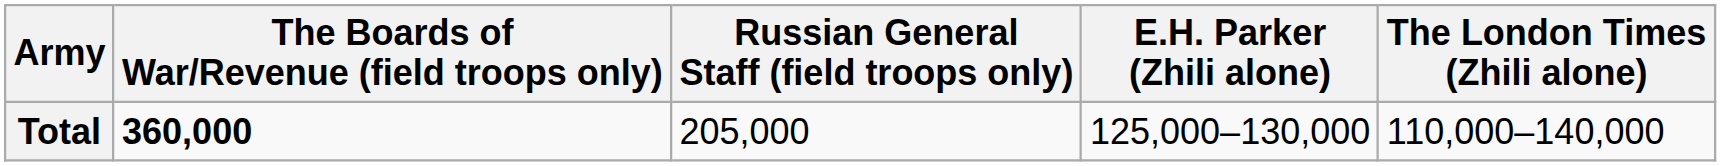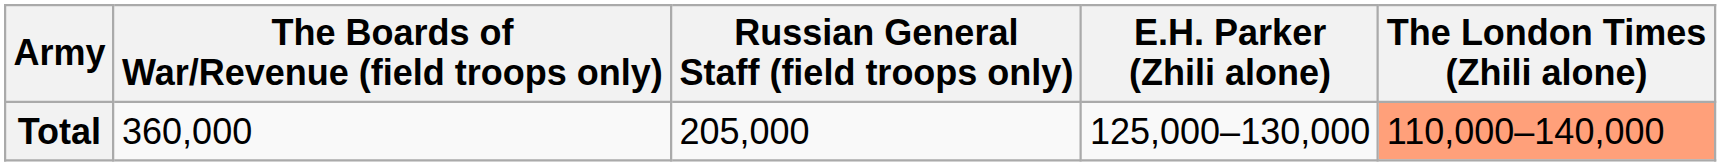 <table class="wikitable">
 <tr>
 <th>Army</th>
 <th>The Boards of<br>War/Revenue (field troops only)</th>
 <th>Russian General<br>Staff (field troops only)</th>
 <th>E.H. Parker<br>(Zhili alone)</th>
 <th>The London Times<br>(Zhili alone)</th>
 </tr>
 <tr>
 <th>Total</th>
-<td><strong>360,000</strong></td>
+<td>360,000</td>
 <td>205,000</td>
 <td>125,000–130,000</td>
-<td>110,000–140,000</td>
+<td style="background: lightsalmon;">110,000–140,000</td>
 </tr>
 </table>
